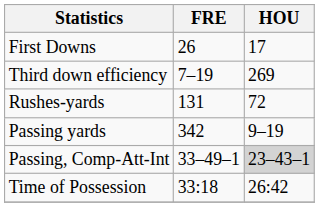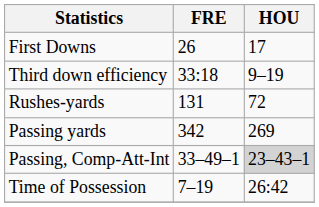 <table class="wikitable">
 <tr>
 <th>Statistics</th>
 <th>FRE</th>
 <th>HOU</th>
 </tr>
 <tr>
 <td>First Downs</td>
 <td>26</td>
 <td>17</td>
 </tr>
 <tr>
 <td>Third down efficiency</td>
-<td>7–19</td>
-<td>269</td>
+<td>33:18</td>
+<td>9–19</td>
 </tr>
 <tr>
 <td>Rushes-yards</td>
 <td>131</td>
 <td>72</td>
 </tr>
 <tr>
 <td>Passing yards</td>
 <td>342</td>
-<td>9–19</td>
+<td>269</td>
 </tr>
 <tr>
 <td>Passing, Comp-Att-Int</td>
 <td>33–49–1</td>
 <td style="background: lightgrey;">23–43–1</td>
 </tr>
 <tr>
 <td>Time of Possession</td>
-<td>33:18</td>
+<td>7–19</td>
 <td>26:42</td>
 </tr>
 <tr>
 </tr>
 </table>
